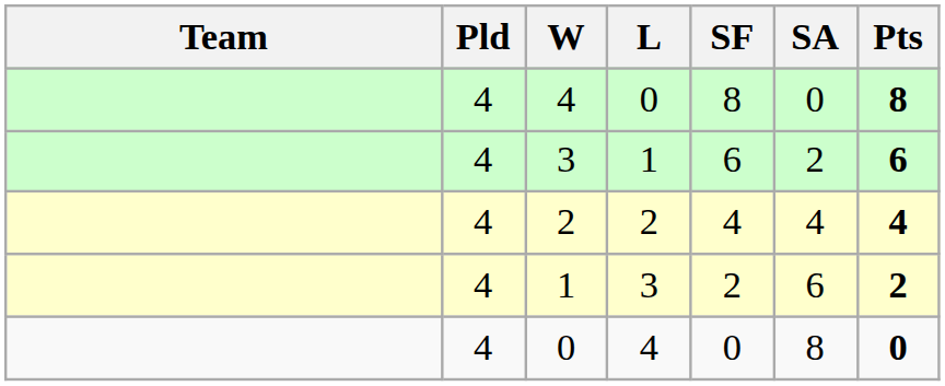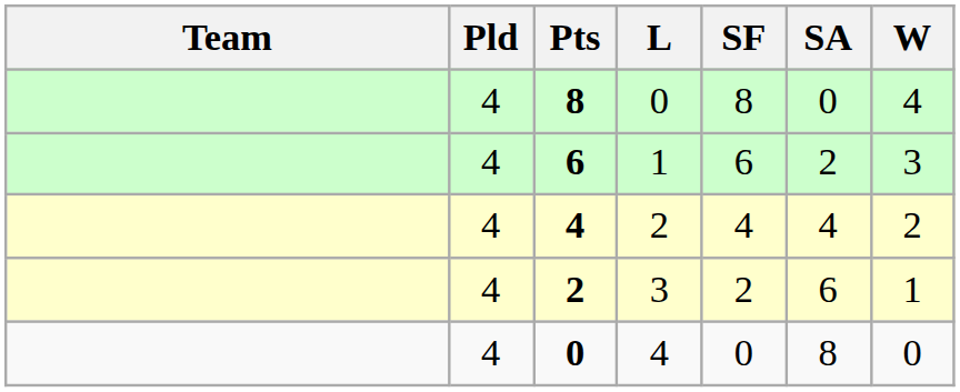 <table class="wikitable" style="text-align: center; font-size:90% ">
 <tr>
 <th width=160>Team</th>
 <th width=25>Pld</th>
-<th width=25>W</th>
+<th width=25>Pts</th>
 <th width=25>L</th>
 <th width=25>SF</th>
 <th width=25>SA</th>
-<th width=25>Pts</th>
+<th width=25>W</th>
 </tr>
 <tr bgcolor=ccffcc>
 <td align=left></td>
 <td>4</td>
+<td><strong>8</strong></td>
+<td>0</td>
+<td>8</td>
+<td>0</td>
+<td>4</td>
+</tr>
+<tr bgcolor=ccffcc>
+<td align=left></td>
+<td>4</td>
+<td><strong>6</strong></td>
+<td>1</td>
+<td>6</td>
+<td>2</td>
+<td>3</td>
+</tr>
+<tr bgcolor=ffffcc>
+<td align=left></td>
+<td>4</td>
+<td><strong>4</strong></td>
+<td>2</td>
+<td>4</td>
+<td>4</td>
+<td>2</td>
+</tr>
+<tr bgcolor=ffffcc>
+<td align=left></td>
+<td>4</td>
+<td><strong>2</strong></td>
+<td>3</td>
+<td>2</td>
+<td>6</td>
+<td>1</td>
+</tr>
+<tr>
+<td align=left></td>
+<td>4</td>
+<td><strong>0</strong></td>
 <td>4</td>
 <td>0</td>
 <td>8</td>
 <td>0</td>
-<td><strong>8</strong></td>
-</tr>
-<tr bgcolor=ccffcc>
-<td align=left></td>
-<td>4</td>
-<td>3</td>
-<td>1</td>
-<td>6</td>
-<td>2</td>
-<td><strong>6</strong></td>
-</tr>
-<tr bgcolor=ffffcc>
-<td align=left></td>
-<td>4</td>
-<td>2</td>
-<td>2</td>
-<td>4</td>
-<td>4</td>
-<td><strong>4</strong></td>
-</tr>
-<tr bgcolor=ffffcc>
-<td align=left></td>
-<td>4</td>
-<td>1</td>
-<td>3</td>
-<td>2</td>
-<td>6</td>
-<td><strong>2</strong></td>
-</tr>
-<tr>
-<td align=left></td>
-<td>4</td>
-<td>0</td>
-<td>4</td>
-<td>0</td>
-<td>8</td>
-<td><strong>0</strong></td>
 </tr>
 </table>
